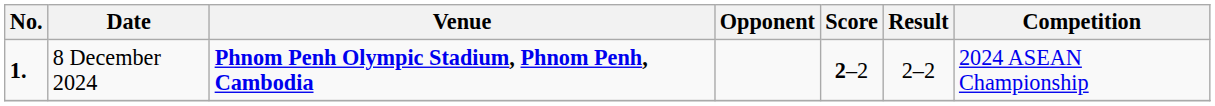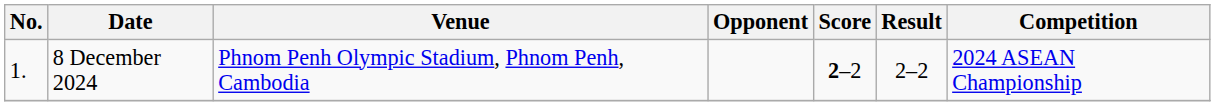 <table class="wikitable">
 <tr>
 <th>No.</th>
 <th>Date</th>
 <th>Venue</th>
 <th>Opponent</th>
 <th>Score</th>
 <th>Result</th>
 <th>Competition</th>
 </tr>
 <tr>
-<td><strong>1.</strong></td>
+<td>1.</td>
 <td>8 December 2024</td>
-<td><strong><a href='#'>Phnom Penh Olympic Stadium</a>, <a href='#'>Phnom Penh</a>, <a href='#'>Cambodia</a></strong></td>
+<td><a href='#'>Phnom Penh Olympic Stadium</a>, <a href='#'>Phnom Penh</a>, <a href='#'>Cambodia</a></td>
 <td></td>
 <td align="center"><strong>2</strong>–2</td>
 <td align="center">2–2</td>
 <td><a href='#'>2024 ASEAN Championship</a></td>
 </tr>
 <tr>
 </tr>
 </table>
